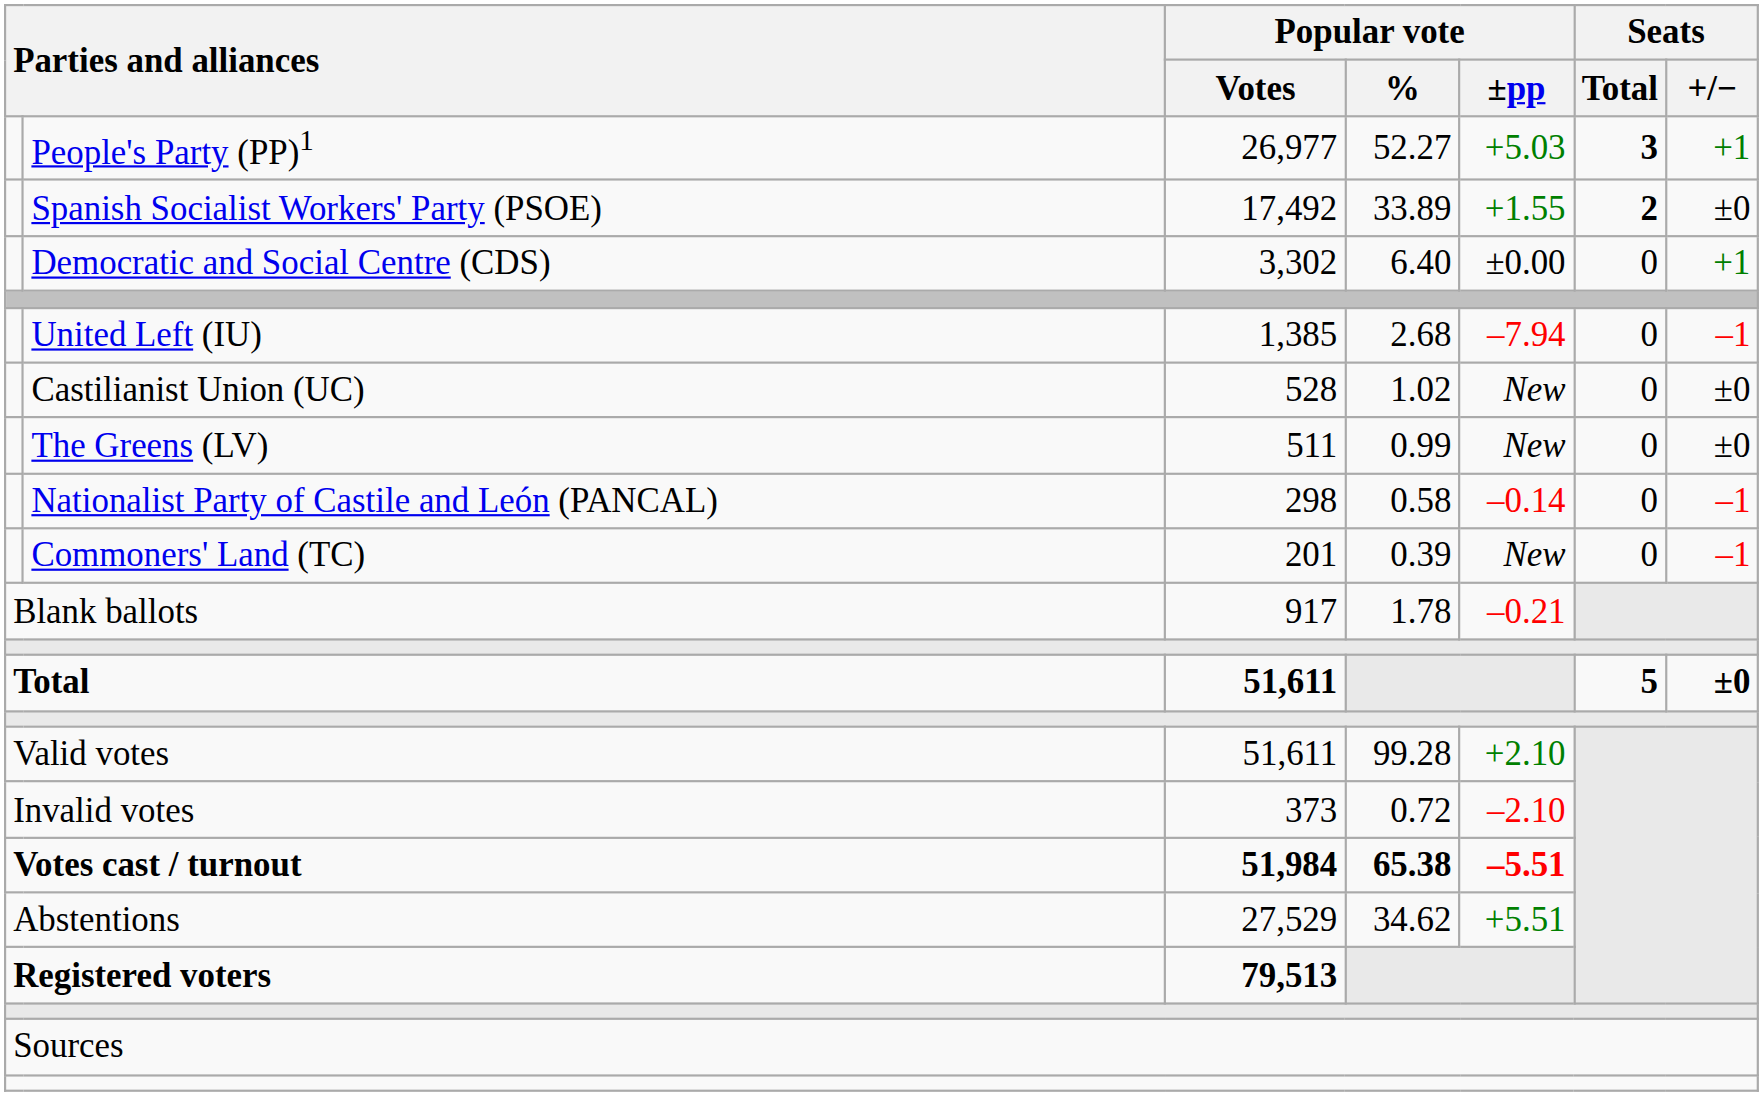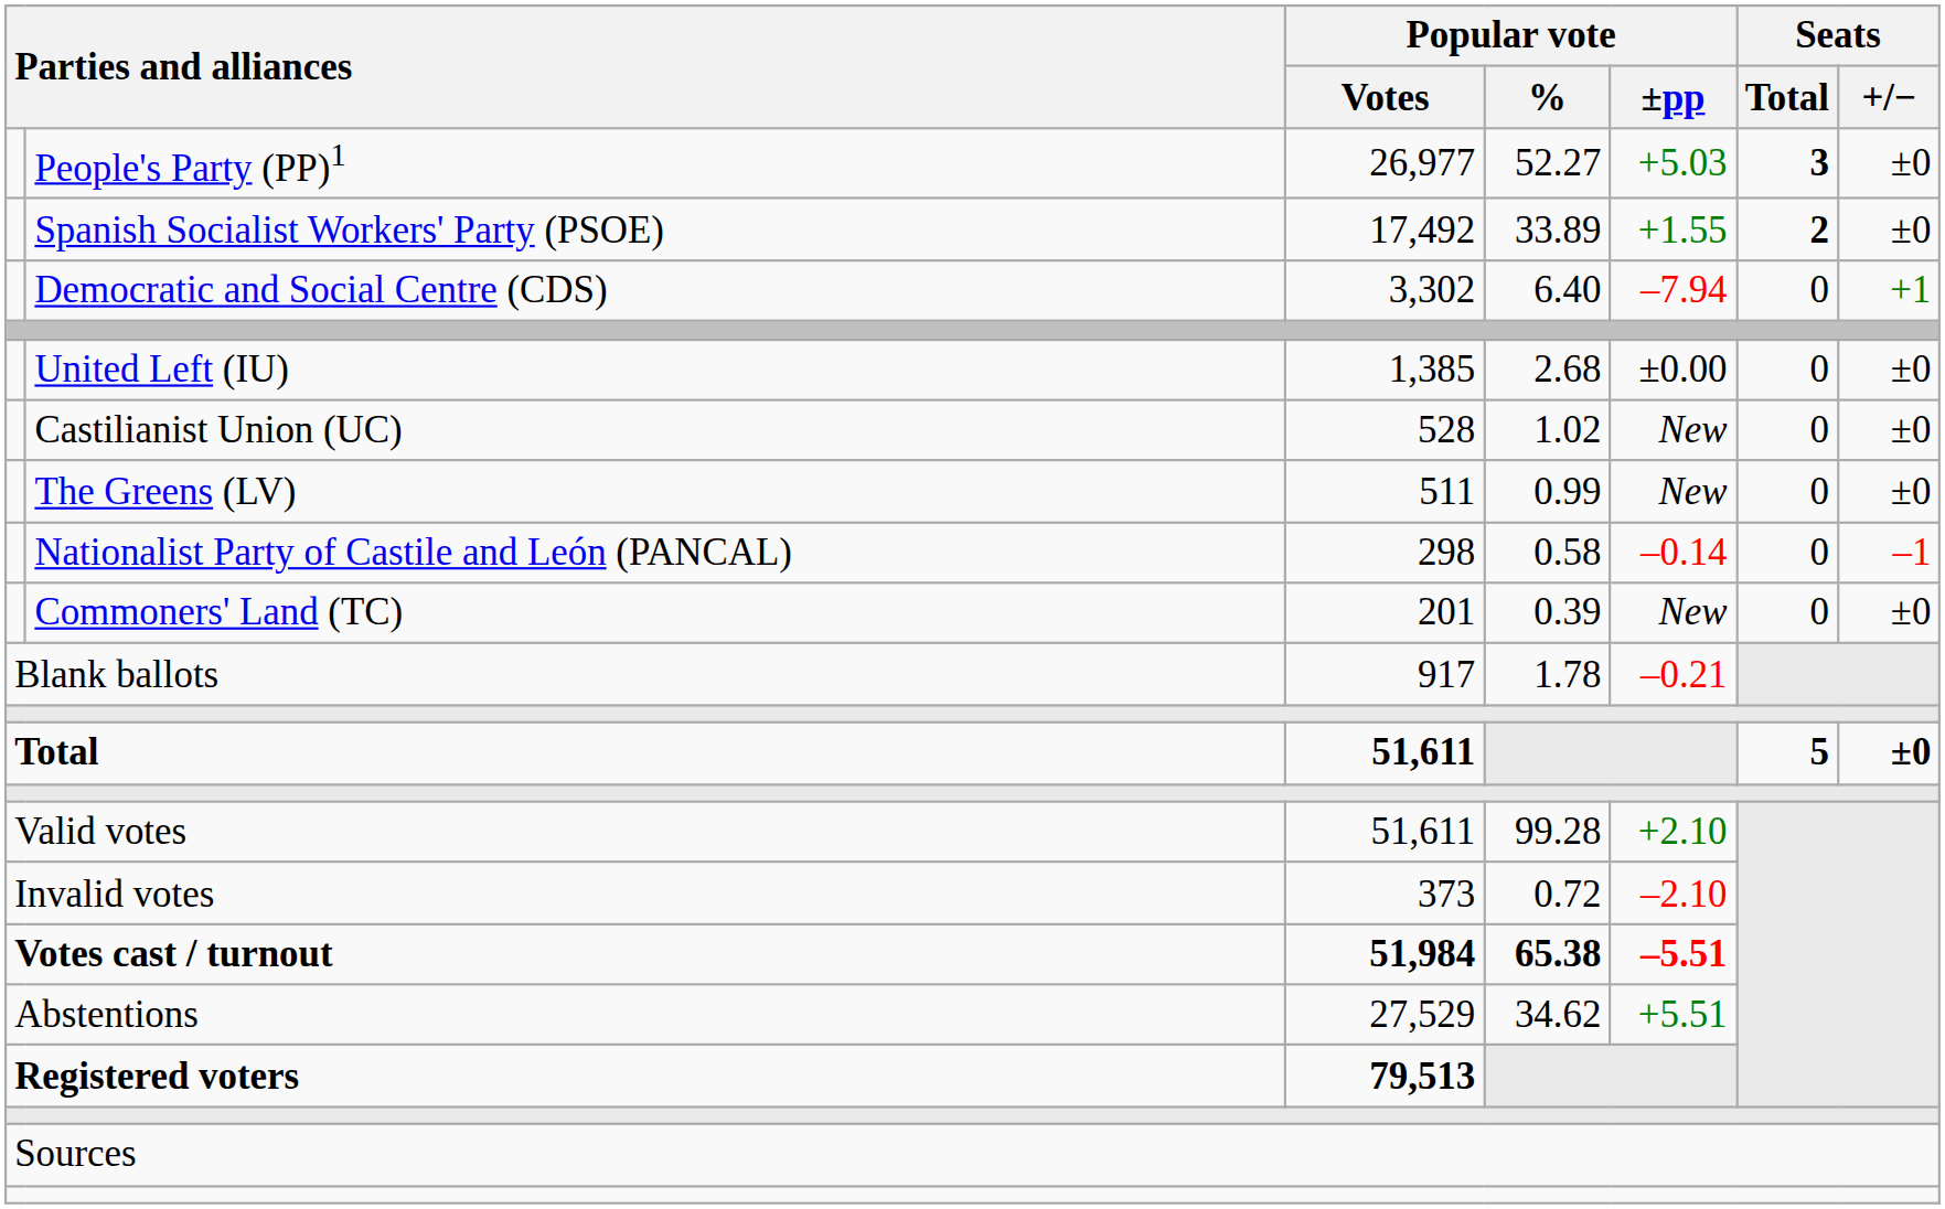 <table class="wikitable" style="text-align:right;">
 <tr>
 <th style="text-align:left;" rowspan="2" colspan="2" width="525">Parties and alliances</th>
 <th colspan="3">Popular vote</th>
 <th colspan="2">Seats</th>
 </tr>
 <tr>
 <th width="75">Votes</th>
 <th width="45">%</th>
 <th width="45">±<a href='#'>pp</a></th>
 <th width="35">Total</th>
 <th width="35">+/−</th>
 </tr>
 <tr>
 <td width="1" style="color:inherit;background:"></td>
 <td align="left"><a href='#'>People's Party</a> (PP)<sup>1</sup></td>
 <td>26,977</td>
 <td>52.27</td>
 <td style="color:green;">+5.03</td>
 <td><strong>3</strong></td>
-<td style="color:green;">+1</td>
+<td>±0</td>
 </tr>
 <tr>
 <td style="color:inherit;background:"></td>
 <td align="left"><a href='#'>Spanish Socialist Workers' Party</a> (PSOE)</td>
 <td>17,492</td>
 <td>33.89</td>
 <td style="color:green;">+1.55</td>
 <td><strong>2</strong></td>
 <td>±0</td>
 </tr>
 <tr>
 <td style="color:inherit;background:"></td>
 <td align="left"><a href='#'>Democratic and Social Centre</a> (CDS)</td>
 <td>3,302</td>
 <td>6.40</td>
-<td>±0.00</td>
+<td style="color:red;">–7.94</td>
 <td>0</td>
 <td style="color:green;">+1</td>
 </tr>
 <tr>
 <td colspan="7" bgcolor="#C0C0C0"></td>
 </tr>
 <tr>
 <td style="color:inherit;background:"></td>
 <td align="left"><a href='#'>United Left</a> (IU)</td>
 <td>1,385</td>
 <td>2.68</td>
-<td style="color:red;">–7.94</td>
+<td>±0.00</td>
 <td>0</td>
-<td style="color:red;">–1</td>
+<td>±0</td>
 </tr>
 <tr>
 <td style="color:inherit;background:"></td>
 <td align="left">Castilianist Union (UC)</td>
 <td>528</td>
 <td>1.02</td>
 <td><em>New</em></td>
 <td>0</td>
 <td>±0</td>
 </tr>
 <tr>
 <td style="color:inherit;background:"></td>
 <td align="left"><a href='#'>The Greens</a> (LV)</td>
 <td>511</td>
 <td>0.99</td>
 <td><em>New</em></td>
 <td>0</td>
 <td>±0</td>
 </tr>
 <tr>
 <td style="color:inherit;background:"></td>
 <td align="left"><a href='#'>Nationalist Party of Castile and León</a> (PANCAL)</td>
 <td>298</td>
 <td>0.58</td>
 <td style="color:red;">–0.14</td>
 <td>0</td>
 <td style="color:red;">–1</td>
 </tr>
 <tr>
 <td style="color:inherit;background:"></td>
 <td align="left"><a href='#'>Commoners' Land</a> (TC)</td>
 <td>201</td>
 <td>0.39</td>
 <td><em>New</em></td>
 <td>0</td>
-<td style="color:red;">–1</td>
+<td>±0</td>
 </tr>
 <tr>
 <td align="left" colspan="2">Blank ballots</td>
 <td>917</td>
 <td>1.78</td>
 <td style="color:red;">–0.21</td>
 <td bgcolor="#E9E9E9" colspan="2"></td>
 </tr>
 <tr>
 <td colspan="7" bgcolor="#E9E9E9"></td>
 </tr>
 <tr style="font-weight:bold;">
 <td align="left" colspan="2">Total</td>
 <td>51,611</td>
 <td bgcolor="#E9E9E9" colspan="2"></td>
 <td>5</td>
 <td>±0</td>
 </tr>
 <tr>
 <td colspan="7" bgcolor="#E9E9E9"></td>
 </tr>
 <tr>
 <td align="left" colspan="2">Valid votes</td>
 <td>51,611</td>
 <td>99.28</td>
 <td style="color:green;">+2.10</td>
 <td bgcolor="#E9E9E9" colspan="2" rowspan="5"></td>
 </tr>
 <tr>
 <td align="left" colspan="2">Invalid votes</td>
 <td>373</td>
 <td>0.72</td>
 <td style="color:red;">–2.10</td>
 </tr>
 <tr style="font-weight:bold;">
 <td align="left" colspan="2">Votes cast / turnout</td>
 <td>51,984</td>
 <td>65.38</td>
 <td style="color:red;">–5.51</td>
 </tr>
 <tr>
 <td align="left" colspan="2">Abstentions</td>
 <td>27,529</td>
 <td>34.62</td>
 <td style="color:green;">+5.51</td>
 </tr>
 <tr style="font-weight:bold;">
 <td align="left" colspan="2">Registered voters</td>
 <td>79,513</td>
 <td bgcolor="#E9E9E9" colspan="2"></td>
 </tr>
 <tr>
 <td colspan="7" bgcolor="#E9E9E9"></td>
 </tr>
 <tr>
 <td align="left" colspan="7">Sources</td>
 </tr>
 <tr>
 <td colspan="7" style="text-align:left; max-width:790px;"></td>
 </tr>
 </table>
